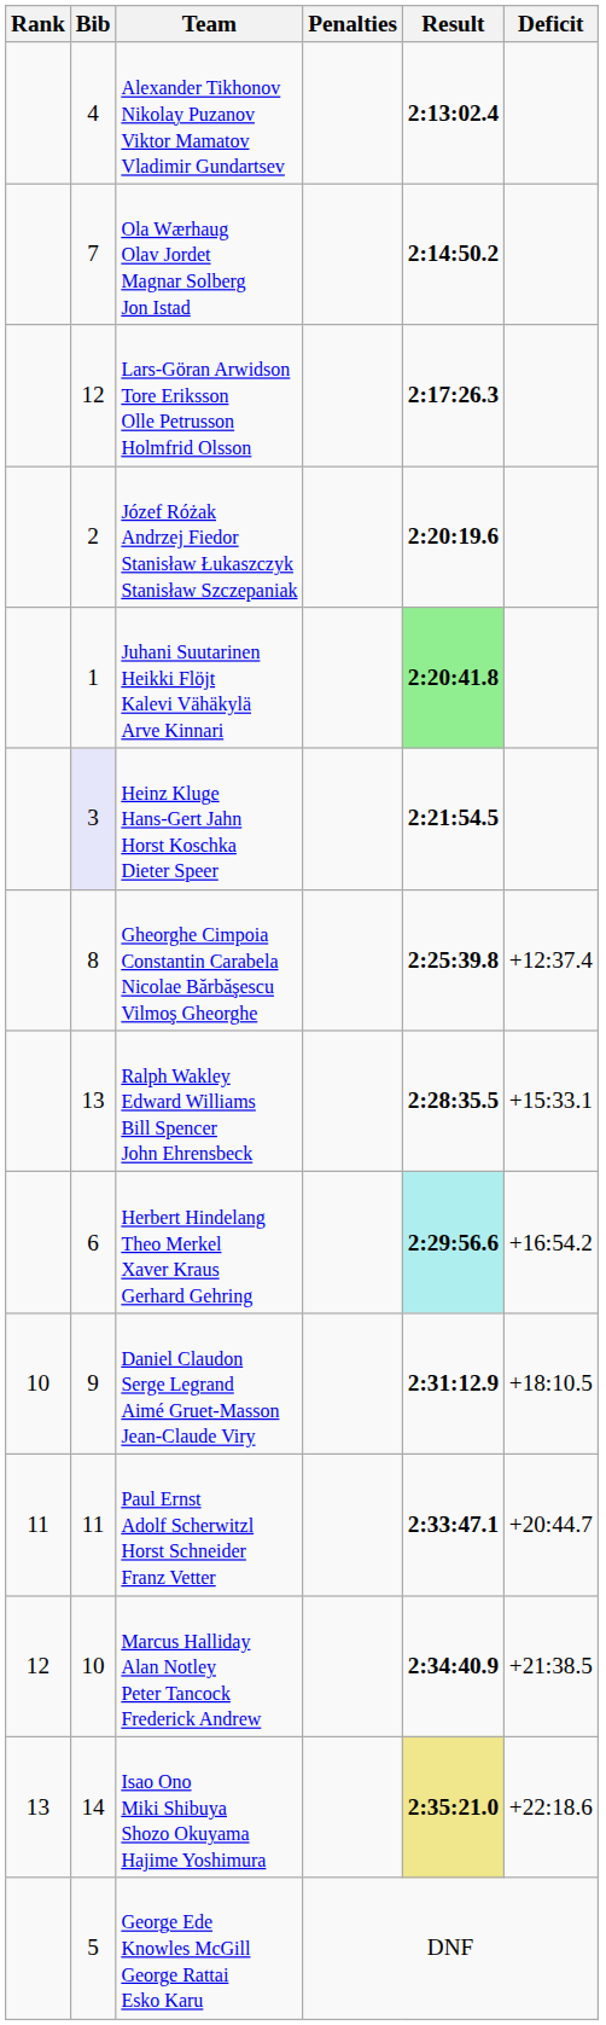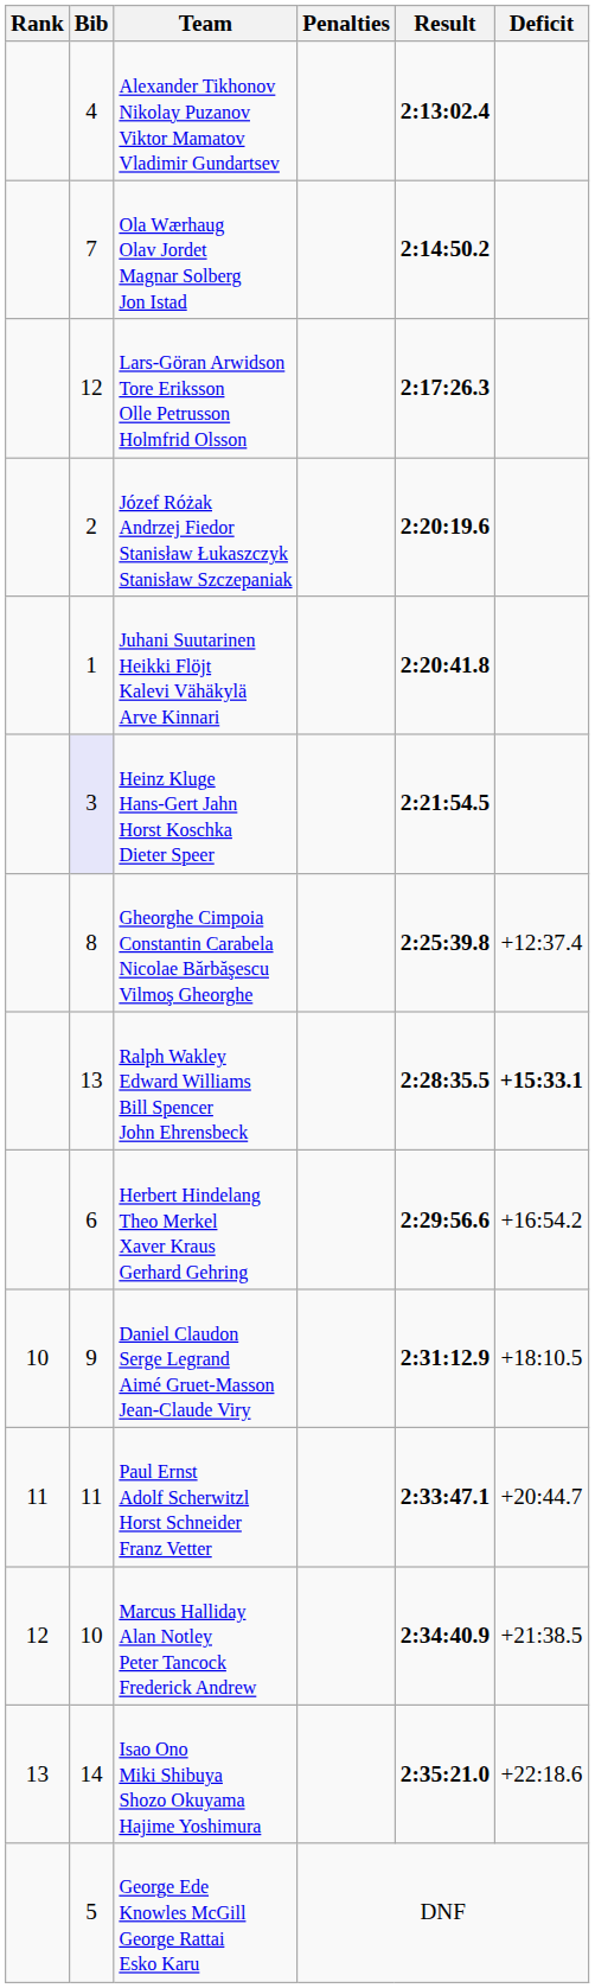 <table class="wikitable sortable" style="text-align:center">
 <tr>
 <th>Rank</th>
 <th>Bib</th>
 <th>Team</th>
 <th>Penalties</th>
 <th>Result</th>
 <th>Deficit</th>
 </tr>
 <tr>
 <td></td>
 <td>4</td>
 <td align="left"><br><small> <a href='#'>Alexander Tikhonov</a><br><a href='#'>Nikolay Puzanov</a><br><a href='#'>Viktor Mamatov</a><br><a href='#'>Vladimir Gundartsev</a></small></td>
 <td></td>
 <td><strong>2:13:02.4</strong></td>
 <td></td>
 </tr>
 <tr>
 <td></td>
 <td>7</td>
 <td align="left"><br><small><a href='#'>Ola Wærhaug</a><br><a href='#'>Olav Jordet</a><br><a href='#'>Magnar Solberg</a><br><a href='#'>Jon Istad</a></small></td>
 <td></td>
 <td><strong>2:14:50.2</strong><br></td>
 <td></td>
 </tr>
 <tr>
 <td></td>
 <td>12</td>
 <td align="left"><br><small><a href='#'>Lars-Göran Arwidson</a><br><a href='#'>Tore Eriksson</a><br><a href='#'>Olle Petrusson</a><br><a href='#'>Holmfrid Olsson</a></small></td>
 <td></td>
 <td><strong>2:17:26.3</strong></td>
 <td></td>
 </tr>
 <tr>
 <td></td>
 <td>2</td>
 <td align="left"><br><small><a href='#'>Józef Różak</a><br><a href='#'>Andrzej Fiedor</a><br><a href='#'>Stanisław Łukaszczyk</a><br><a href='#'>Stanisław Szczepaniak</a></small></td>
 <td></td>
 <td><strong>2:20:19.6</strong><br></td>
 <td></td>
 </tr>
 <tr>
 <td></td>
 <td>1</td>
 <td align="left"><br><small><a href='#'>Juhani Suutarinen</a><br><a href='#'>Heikki Flöjt</a><br><a href='#'>Kalevi Vähäkylä</a><br><a href='#'>Arve Kinnari</a></small></td>
 <td></td>
-<td style="background: lightgreen;"><strong>2:20:41.8</strong></td>
+<td><strong>2:20:41.8</strong></td>
 <td></td>
 </tr>
 <tr>
 <td></td>
 <td style="background: lavender;">3</td>
 <td align="left"><br><small> <a href='#'>Heinz Kluge</a><br><a href='#'>Hans-Gert Jahn</a><br><a href='#'>Horst Koschka</a><br><a href='#'>Dieter Speer</a></small></td>
 <td></td>
 <td><strong>2:21:54.5</strong></td>
 <td></td>
 </tr>
 <tr>
 <td></td>
 <td>8</td>
 <td align="left"><br><small><a href='#'>Gheorghe Cimpoia</a><br><a href='#'>Constantin Carabela</a><br><a href='#'>Nicolae Bărbăşescu</a><br><a href='#'>Vilmoş Gheorghe</a></small></td>
 <td></td>
 <td><strong>2:25:39.8</strong></td>
 <td>+12:37.4</td>
 </tr>
 <tr>
 <td></td>
 <td>13</td>
 <td align="left"><br><small><a href='#'>Ralph Wakley</a><br><a href='#'>Edward Williams</a><br><a href='#'>Bill Spencer</a><br><a href='#'>John Ehrensbeck</a></small></td>
 <td></td>
 <td><strong>2:28:35.5</strong></td>
-<td>+15:33.1</td>
+<td><strong>+15:33.1</strong></td>
 </tr>
 <tr>
 <td></td>
 <td>6</td>
 <td align="left"><br><small><a href='#'>Herbert Hindelang</a><br><a href='#'>Theo Merkel</a><br><a href='#'>Xaver Kraus</a><br><a href='#'>Gerhard Gehring</a></small></td>
 <td></td>
-<td style="background: paleturquoise;"><strong>2:29:56.6</strong></td>
+<td><strong>2:29:56.6</strong></td>
 <td>+16:54.2</td>
 </tr>
 <tr>
 <td>10</td>
 <td>9</td>
 <td align="left"><br><small><a href='#'>Daniel Claudon</a><br><a href='#'>Serge Legrand</a><br><a href='#'>Aimé Gruet-Masson</a><br><a href='#'>Jean-Claude Viry</a></small></td>
 <td></td>
 <td><strong>2:31:12.9</strong></td>
 <td>+18:10.5</td>
 </tr>
 <tr>
 <td>11</td>
 <td>11</td>
 <td align="left"><br><small><a href='#'>Paul Ernst</a><br><a href='#'>Adolf Scherwitzl</a><br><a href='#'>Horst Schneider</a><br><a href='#'>Franz Vetter</a></small></td>
 <td></td>
 <td><strong>2:33:47.1</strong></td>
 <td>+20:44.7</td>
 </tr>
 <tr>
 <td>12</td>
 <td>10</td>
 <td align="left"><br><small><a href='#'>Marcus Halliday</a><br><a href='#'>Alan Notley</a><br><a href='#'>Peter Tancock</a><br><a href='#'>Frederick Andrew</a></small></td>
 <td></td>
 <td><strong>2:34:40.9</strong></td>
 <td>+21:38.5</td>
 </tr>
 <tr>
 <td>13</td>
 <td>14</td>
 <td align="left"><br><small><a href='#'>Isao Ono</a><br><a href='#'>Miki Shibuya</a><br><a href='#'>Shozo Okuyama</a><br><a href='#'>Hajime Yoshimura</a></small></td>
 <td></td>
-<td style="background: khaki;"><strong>2:35:21.0</strong></td>
+<td><strong>2:35:21.0</strong></td>
 <td>+22:18.6</td>
 </tr>
 <tr>
 <td></td>
 <td>5</td>
 <td align="left"><br><small><a href='#'>George Ede</a><br><a href='#'>Knowles McGill</a><br><a href='#'>George Rattai</a><br><a href='#'>Esko Karu</a></small></td>
 <td colspan="3">DNF</td>
 </tr>
 </table>
